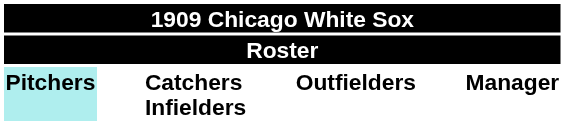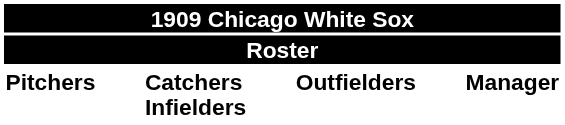 <table class="toccolours" style="font-size: 95%;">
 <tr>
 <th colspan="10" style="background-color: black; color: white; text-align: center;">1909 Chicago White Sox</th>
 </tr>
 <tr>
 <td colspan="10" style="background-color: black; color: white; text-align: center;"><strong>Roster</strong></td>
 </tr>
 <tr>
-<td valign="top" style="background: paleturquoise;"><strong>Pitchers</strong><br>        </td>
+<td valign="top"><strong>Pitchers</strong><br>        </td>
 <td width="25px"></td>
 <td valign="top"><strong>Catchers</strong><br>   <strong>Infielders</strong>         </td>
 <td width="25px"></td>
 <td valign="top"><strong>Outfielders</strong><br>        </td>
 <td width="25px"></td>
 <td valign="top"><strong>Manager</strong><br></td>
 </tr>
 </table>
